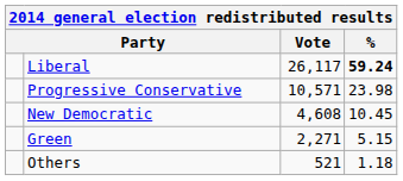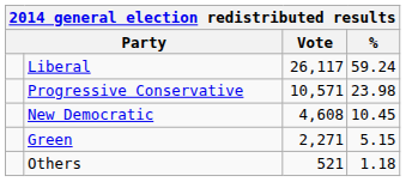 <table class="wikitable">
 <tr>
 <th colspan="4"><a href='#'>2014 general election</a> redistributed results</th>
 </tr>
 <tr>
 <th bgcolor="#DDDDFF" width="130px" colspan="2">Party</th>
 <th bgcolor="#DDDDFF" width="50px">Vote</th>
 <th bgcolor="#DDDDFF" width="30px">%</th>
 </tr>
 <tr>
 <td> </td>
 <td><a href='#'>Liberal</a></td>
 <td align=right>26,117</td>
-<td align=right><strong>59.24</strong></td>
+<td align=right>59.24</td>
 </tr>
 <tr>
 <td> </td>
 <td><a href='#'>Progressive Conservative</a></td>
 <td align=right>10,571</td>
 <td align=right>23.98</td>
 </tr>
 <tr>
 <td> </td>
 <td><a href='#'>New Democratic</a></td>
 <td align=right>4,608</td>
 <td align=right>10.45</td>
 </tr>
 <tr>
 <td> </td>
 <td><a href='#'>Green</a></td>
 <td align=right>2,271</td>
 <td align=right>5.15</td>
 </tr>
 <tr>
 <td> </td>
 <td>Others</td>
 <td align=right>521</td>
 <td align=right>1.18</td>
 </tr>
 </table>
